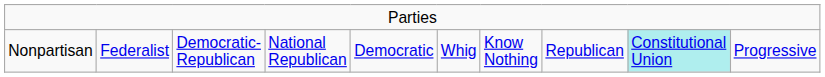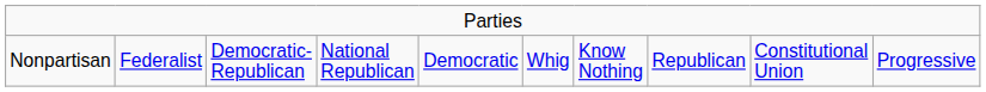 <table class="wikitable" style="font-size:90%">
 <tr>
 <td style="text-align:center;" colspan="10">Parties</td>
 </tr>
 <tr>
 <td>Nonpartisan</td>
 <td><a href='#'>Federalist</a></td>
 <td><a href='#'>Democratic-Republican</a></td>
 <td><a href='#'>National Republican</a></td>
 <td><a href='#'>Democratic</a></td>
 <td><a href='#'>Whig</a></td>
 <td><a href='#'>Know Nothing</a></td>
 <td><a href='#'>Republican</a></td>
-<td style="background: paleturquoise;"><a href='#'>Constitutional Union</a></td>
+<td><a href='#'>Constitutional Union</a></td>
 <td><a href='#'>Progressive</a></td>
 </tr>
 </table>
